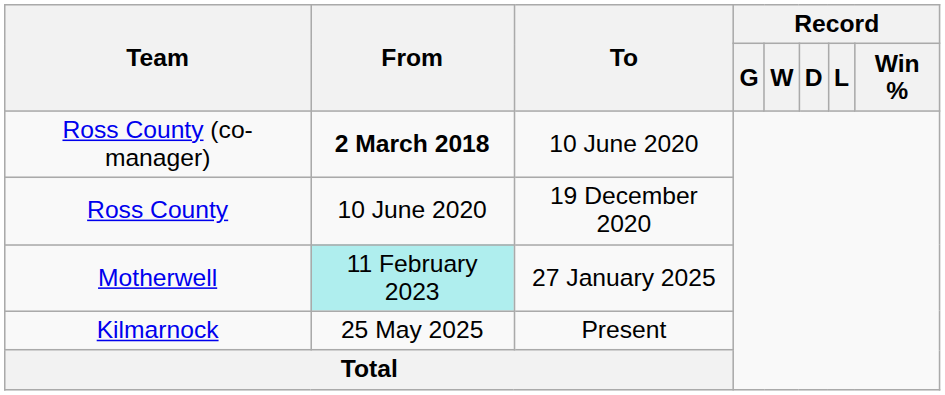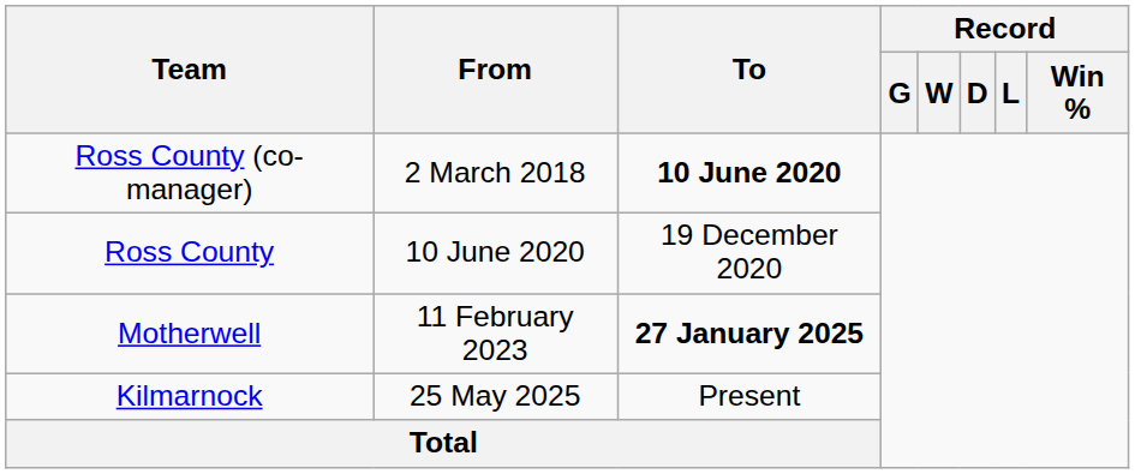 <table class="wikitable" style="text-align: center">
 <tr>
 <th rowspan="2">Team</th>
 <th rowspan="2">From</th>
 <th rowspan="2">To</th>
 <th colspan="5">Record</th>
 </tr>
 <tr>
 <th>G</th>
 <th>W</th>
 <th>D</th>
 <th>L</th>
 <th>Win %</th>
 </tr>
 <tr>
 <td align=centre><a href='#'>Ross County</a> (co-manager)</td>
-<td align=centre><strong>2 March 2018</strong></td>
-<td align=centre>10 June 2020<br></td>
+<td align=centre>2 March 2018</td>
+<td align=centre><strong>10 June 2020<br></strong></td>
 </tr>
 <tr>
 <td align=centre><a href='#'>Ross County</a></td>
 <td align=centre>10 June 2020</td>
 <td align=centre>19 December 2020<br></td>
 </tr>
 <tr>
 <td align=centre><a href='#'>Motherwell</a></td>
-<td align=centre style="background: paleturquoise;">11 February 2023</td>
-<td align=centre>27 January 2025<br></td>
+<td align=centre>11 February 2023</td>
+<td align=centre><strong>27 January 2025<br></strong></td>
 </tr>
 <tr>
 <td align=centre><a href='#'>Kilmarnock</a></td>
 <td align=centre>25 May 2025</td>
 <td align=centre>Present<br></td>
 </tr>
 <tr>
 <th colspan=3>Total<br></th>
 </tr>
 </table>
